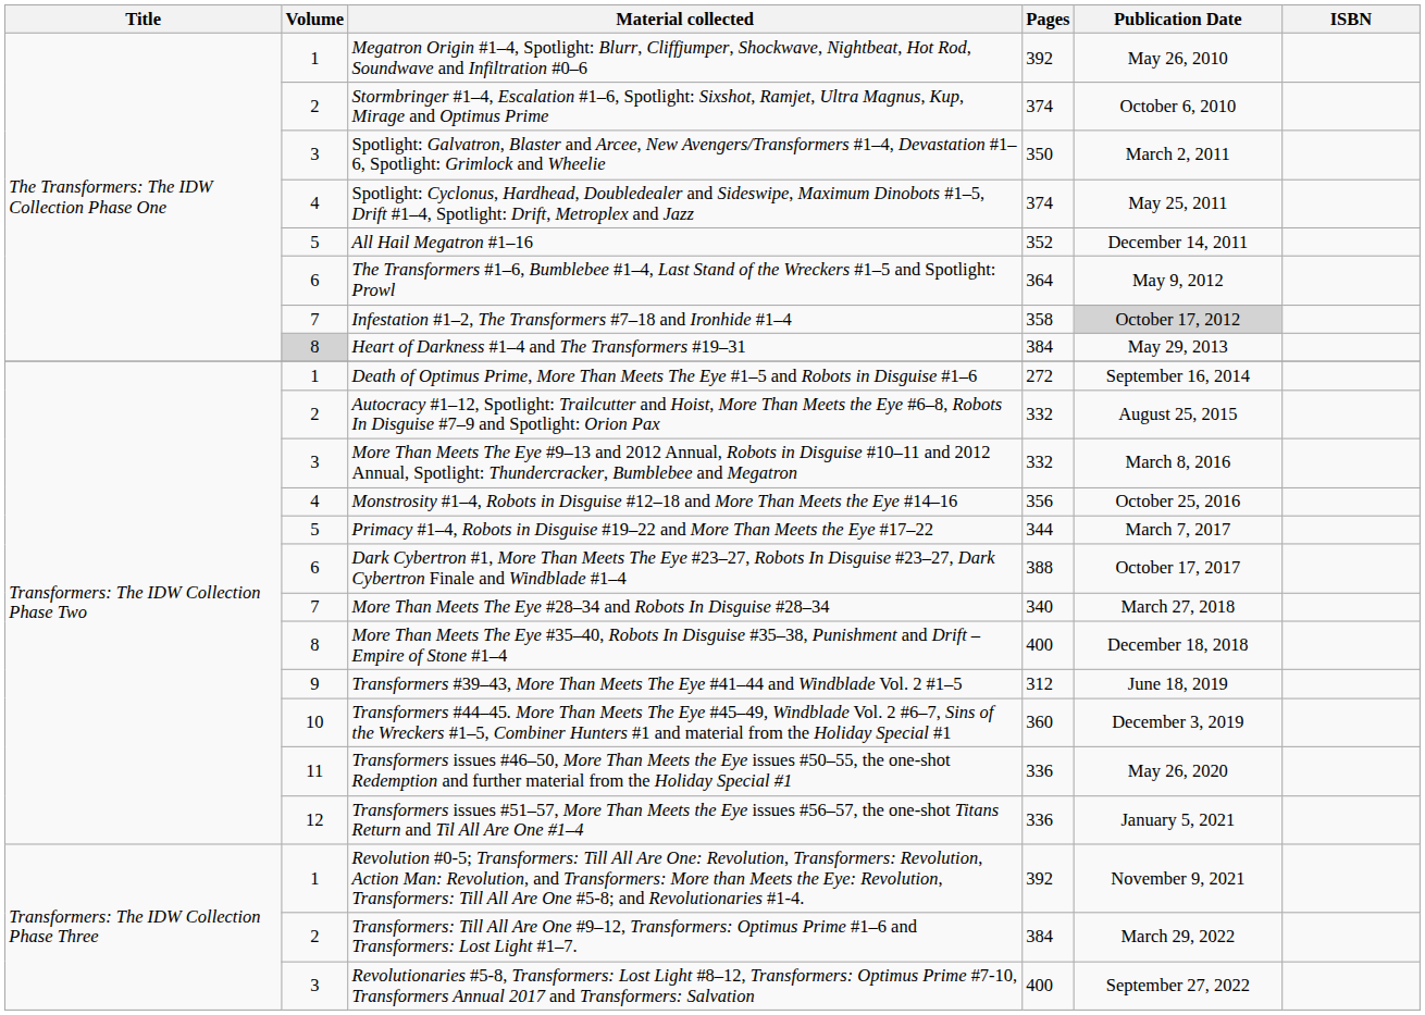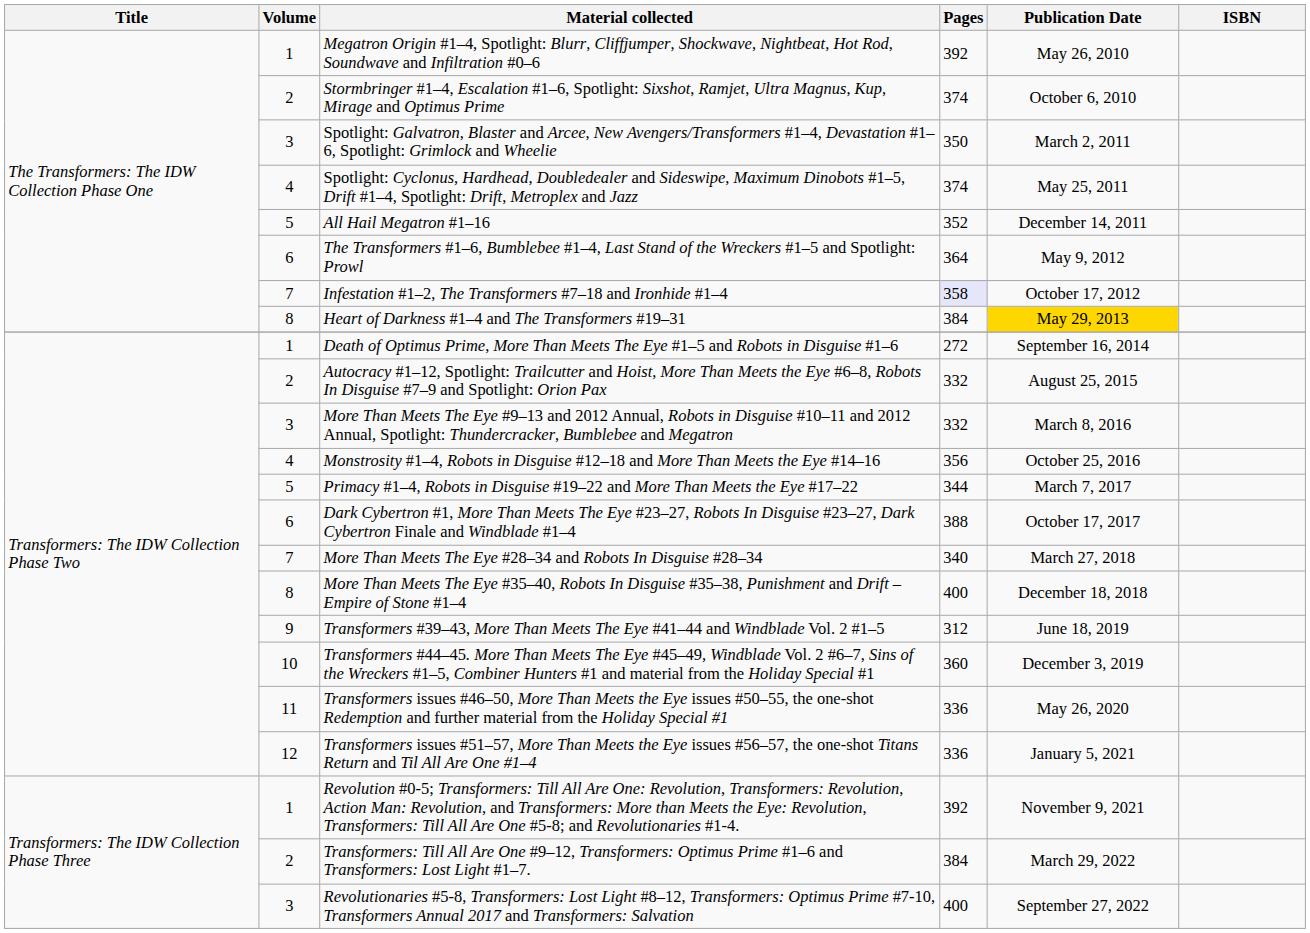 <table class="wikitable" width="100%">
 <tr>
 <th width=20%>Title</th>
 <th width=3%>Volume</th>
 <th width=49%>Material collected</th>
 <th width=3%>Pages</th>
 <th width=15%>Publication Date</th>
 <th width=10%>ISBN</th>
 </tr>
 <tr>
 <td rowspan="8"><em>The Transformers: The IDW Collection Phase One</em></td>
 <td align="center">1</td>
 <td><em>Megatron Origin</em> #1–4, Spotlight: <em>Blurr</em>, <em>Cliffjumper</em>, <em>Shockwave</em>, <em>Nightbeat</em>, <em>Hot Rod</em>, <em>Soundwave</em> and <em>Infiltration</em> #0–6</td>
 <td>392</td>
 <td align="center">May 26, 2010</td>
 <td align="center"></td>
 </tr>
 <tr>
 <td align="center">2</td>
 <td><em>Stormbringer</em> #1–4, <em>Escalation</em> #1–6, Spotlight: <em>Sixshot</em>, <em>Ramjet</em>, <em>Ultra Magnus</em>, <em>Kup</em>, <em>Mirage</em> and <em>Optimus Prime</em></td>
 <td>374</td>
 <td align="center">October 6, 2010</td>
 <td align="center"></td>
 </tr>
 <tr>
 <td align="center">3</td>
 <td>Spotlight: <em>Galvatron</em>, <em>Blaster</em> and <em>Arcee</em>, <em>New Avengers/Transformers</em> #1–4, <em>Devastation</em> #1–6, Spotlight: <em>Grimlock</em> and <em>Wheelie</em></td>
 <td>350</td>
 <td align="center">March 2, 2011</td>
 <td align="center"></td>
 </tr>
 <tr>
 <td align="center">4</td>
 <td>Spotlight: <em>Cyclonus</em>, <em>Hardhead</em>, <em>Doubledealer</em> and <em>Sideswipe</em>, <em>Maximum Dinobots</em>  #1–5, <em>Drift</em> #1–4, Spotlight: <em>Drift</em>, <em>Metroplex</em> and <em>Jazz</em></td>
 <td>374</td>
 <td align="center">May 25, 2011</td>
 <td align="center"></td>
 </tr>
 <tr>
 <td align="center">5</td>
 <td><em>All Hail Megatron</em> #1–16</td>
 <td>352</td>
 <td align="center">December 14, 2011</td>
 <td align="center"></td>
 </tr>
 <tr>
 <td align="center">6</td>
 <td><em>The Transformers</em> #1–6, <em>Bumblebee</em> #1–4, <em>Last Stand of the Wreckers</em> #1–5 and Spotlight: <em>Prowl</em></td>
 <td>364</td>
 <td align="center">May 9, 2012</td>
 <td align="center"></td>
 </tr>
 <tr>
 <td align="center">7</td>
 <td><em>Infestation</em> #1–2, <em>The Transformers</em> #7–18 and <em>Ironhide</em> #1–4</td>
-<td>358</td>
-<td align="center" style="background: lightgrey;">October 17, 2012</td>
+<td style="background: lavender;">358</td>
+<td align="center">October 17, 2012</td>
 <td align="center"></td>
 </tr>
 <tr>
-<td align="center" style="background: lightgrey;">8</td>
+<td align="center">8</td>
 <td><em>Heart of Darkness</em> #1–4 and <em>The Transformers</em> #19–31</td>
 <td>384</td>
-<td align="center">May 29, 2013</td>
+<td align="center" style="background: gold;">May 29, 2013</td>
 <td align="center"></td>
 </tr>
 <tr>
 </tr>
 <tr>
 <td rowspan="12"><em>Transformers: The IDW Collection Phase Two</em></td>
 <td align="center">1</td>
 <td><em>Death of Optimus Prime</em>, <em>More Than Meets The Eye</em> #1–5 and <em>Robots in Disguise</em> #1–6</td>
 <td>272</td>
 <td align="center">September 16, 2014</td>
 <td align="center"></td>
 </tr>
 <tr>
 <td align="center">2</td>
 <td><em>Autocracy</em>  #1–12, Spotlight: <em>Trailcutter</em> and <em>Hoist</em>, <em>More Than Meets the Eye</em> #6–8, <em>Robots In Disguise</em> #7–9 and Spotlight: <em>Orion Pax</em></td>
 <td>332</td>
 <td align="center">August 25, 2015</td>
 <td align="center"></td>
 </tr>
 <tr>
 <td align="center">3</td>
 <td><em>More Than Meets The Eye</em> #9–13 and 2012 Annual, <em>Robots in Disguise</em> #10–11 and 2012 Annual, Spotlight: <em>Thundercracker</em>, <em>Bumblebee</em> and <em>Megatron</em></td>
 <td>332</td>
 <td align="center">March 8, 2016</td>
 <td align="center"></td>
 </tr>
 <tr>
 <td align="center">4</td>
 <td><em>Monstrosity</em> #1–4, <em>Robots in Disguise</em> #12–18 and <em>More Than Meets the Eye</em> #14–16</td>
 <td>356</td>
 <td align="center">October 25, 2016</td>
 <td align="center"></td>
 </tr>
 <tr>
 <td align="center">5</td>
 <td><em>Primacy</em> #1–4, <em>Robots in Disguise</em> #19–22 and <em>More Than Meets the Eye</em> #17–22</td>
 <td>344</td>
 <td align="center">March 7, 2017</td>
 <td align="center"></td>
 </tr>
 <tr>
 <td align="center">6</td>
 <td><em>Dark Cybertron</em> #1, <em>More Than Meets The Eye</em> #23–27, <em>Robots In Disguise</em> #23–27, <em>Dark Cybertron</em> Finale and <em>Windblade</em> #1–4</td>
 <td>388</td>
 <td align="center">October 17, 2017</td>
 <td align="center"></td>
 </tr>
 <tr>
 <td align="center">7</td>
 <td><em>More Than Meets The Eye</em> #28–34 and <em>Robots In Disguise</em> #28–34</td>
 <td>340</td>
 <td align="center">March 27, 2018</td>
 <td align="center"></td>
 </tr>
 <tr>
 <td align="center">8</td>
 <td><em>More Than Meets The Eye</em> #35–40,  <em>Robots In Disguise</em> #35–38, <em>Punishment</em> and <em>Drift – Empire of Stone</em> #1–4</td>
 <td>400</td>
 <td align="center">December 18, 2018</td>
 <td align="center"></td>
 </tr>
 <tr>
 <td align="center">9</td>
 <td><em>Transformers</em> #39–43, <em>More Than Meets The Eye</em> #41–44 and <em>Windblade</em> Vol. 2 #1–5</td>
 <td>312</td>
 <td align="center">June 18, 2019</td>
 <td align="center"></td>
 </tr>
 <tr>
 <td align="center">10</td>
 <td><em>Transformers</em> #44–45<em>. More Than Meets The Eye</em> #45–49<em>, Windblade</em> Vol. 2 #6–7, <em>Sins of the Wreckers</em> #1–5, <em>Combiner Hunters</em> #1 and material from the <em>Holiday Special</em> #1</td>
 <td>360</td>
 <td align="center">December 3, 2019</td>
 <td align="center"></td>
 </tr>
 <tr>
 <td align="center">11</td>
 <td><em>Transformers</em> issues #46–50, <em>More Than Meets the Eye</em> issues #50–55, the one-shot <em>Redemption</em> and further material from the <em>Holiday Special #1</em></td>
 <td>336</td>
 <td align="center">May 26, 2020</td>
 <td align="center"></td>
 </tr>
 <tr>
 <td align="center">12</td>
 <td><em>Transformers</em> issues #51–57, <em>More Than Meets the Eye</em> issues #56–57, the one-shot <em>Titans Return</em> and <em>Til All Are One #1–4</em></td>
 <td>336</td>
 <td align="center">January 5, 2021</td>
 <td align="center"></td>
 </tr>
 <tr>
 <td rowspan="3"><em>Transformers: The IDW Collection Phase Three</em></td>
 <td align="center">1</td>
 <td><em>Revolution</em> #0-5; <em>Transformers: Till All Are One: Revolution</em>, <em>Transformers: Revolution</em>, <em>Action Man: Revolution</em>, and <em>Transformers: More than Meets the Eye: Revolution</em>, <em>Transformers: Till All Are One</em> #5-8; and <em>Revolutionaries</em> #1-4.</td>
 <td>392</td>
 <td align="center">November 9, 2021</td>
 <td align="center"></td>
 </tr>
 <tr>
 <td align="center">2</td>
 <td><em>Transformers: Till All Are One</em> #9–12, <em>Transformers: Optimus Prime</em> #1–6 and <em>Transformers: Lost Light</em> #1–7.</td>
 <td>384</td>
 <td align="center">March 29, 2022</td>
 <td align="center"></td>
 </tr>
 <tr>
 <td align="center">3</td>
 <td><em>Revolutionaries</em> #5-8, <em>Transformers: Lost Light</em> #8–12, <em>Transformers: Optimus Prime</em> #7-10, <em>Transformers Annual 2017</em> and <em>Transformers: Salvation</em></td>
 <td>400</td>
 <td align="center">September 27, 2022</td>
 <td align="center"></td>
 </tr>
 </table>
